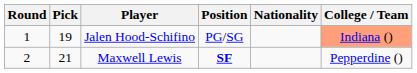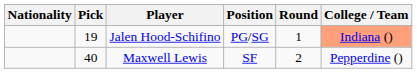 <table class="wikitable sortable sortable">
 <tr>
-<th>Round</th>
+<th>Nationality</th>
 <th>Pick</th>
 <th>Player</th>
 <th>Position</th>
-<th>Nationality</th>
+<th>Round</th>
 <th>College / Team</th>
 </tr>
 <tr style="text-align: center">
-<td>1</td>
+<td></td>
 <td>19</td>
 <td><a href='#'>Jalen Hood-Schifino</a></td>
 <td><a href='#'>PG</a>/<a href='#'>SG</a></td>
-<td></td>
+<td>1</td>
 <td style="background: lightsalmon;"><a href='#'>Indiana</a> ()</td>
 </tr>
 <tr style="text-align: center">
+<td></td>
+<td>40</td>
+<td><a href='#'>Maxwell Lewis</a></td>
+<td><a href='#'>SF</a></td>
 <td>2</td>
-<td>21</td>
-<td><a href='#'>Maxwell Lewis</a></td>
-<td><strong><a href='#'>SF</a></strong></td>
-<td></td>
 <td><a href='#'>Pepperdine</a> ()</td>
 </tr>
 </table>
